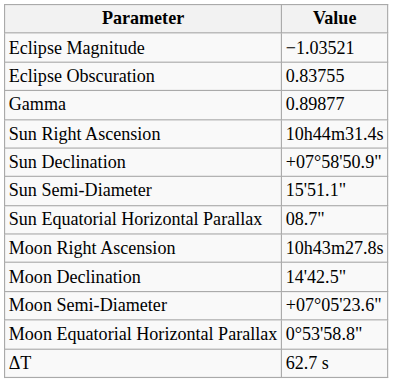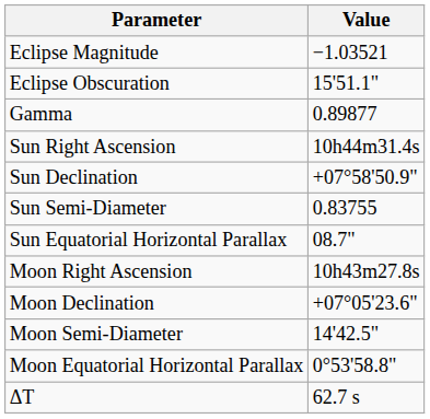 <table class="wikitable">
 <tr>
 <th>Parameter</th>
 <th>Value</th>
 </tr>
 <tr>
 <td>Eclipse Magnitude</td>
 <td>−1.03521</td>
 </tr>
 <tr>
 <td>Eclipse Obscuration</td>
-<td>0.83755</td>
+<td>15'51.1"</td>
 </tr>
 <tr>
 <td>Gamma</td>
 <td>0.89877</td>
 </tr>
 <tr>
 <td>Sun Right Ascension</td>
 <td>10h44m31.4s</td>
 </tr>
 <tr>
 <td>Sun Declination</td>
 <td>+07°58'50.9"</td>
 </tr>
 <tr>
 <td>Sun Semi-Diameter</td>
-<td>15'51.1"</td>
+<td>0.83755</td>
 </tr>
 <tr>
 <td>Sun Equatorial Horizontal Parallax</td>
 <td>08.7"</td>
 </tr>
 <tr>
 <td>Moon Right Ascension</td>
 <td>10h43m27.8s</td>
 </tr>
 <tr>
 <td>Moon Declination</td>
-<td>14'42.5"</td>
+<td>+07°05'23.6"</td>
 </tr>
 <tr>
 <td>Moon Semi-Diameter</td>
-<td>+07°05'23.6"</td>
+<td>14'42.5"</td>
 </tr>
 <tr>
 <td>Moon Equatorial Horizontal Parallax</td>
 <td>0°53'58.8"</td>
 </tr>
 <tr>
 <td>ΔT</td>
 <td>62.7 s</td>
 </tr>
 </table>
